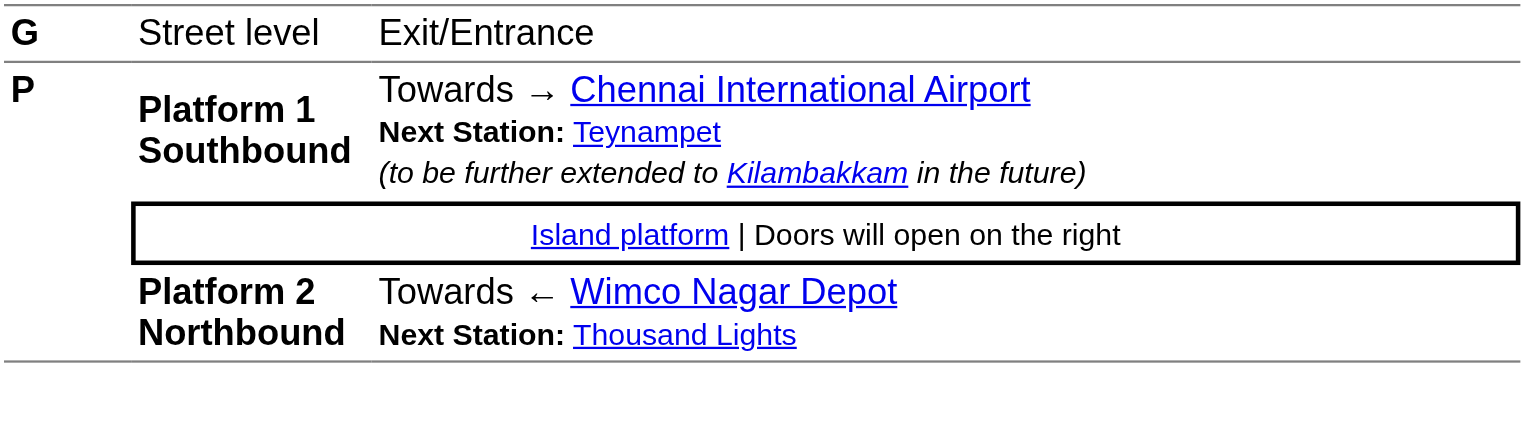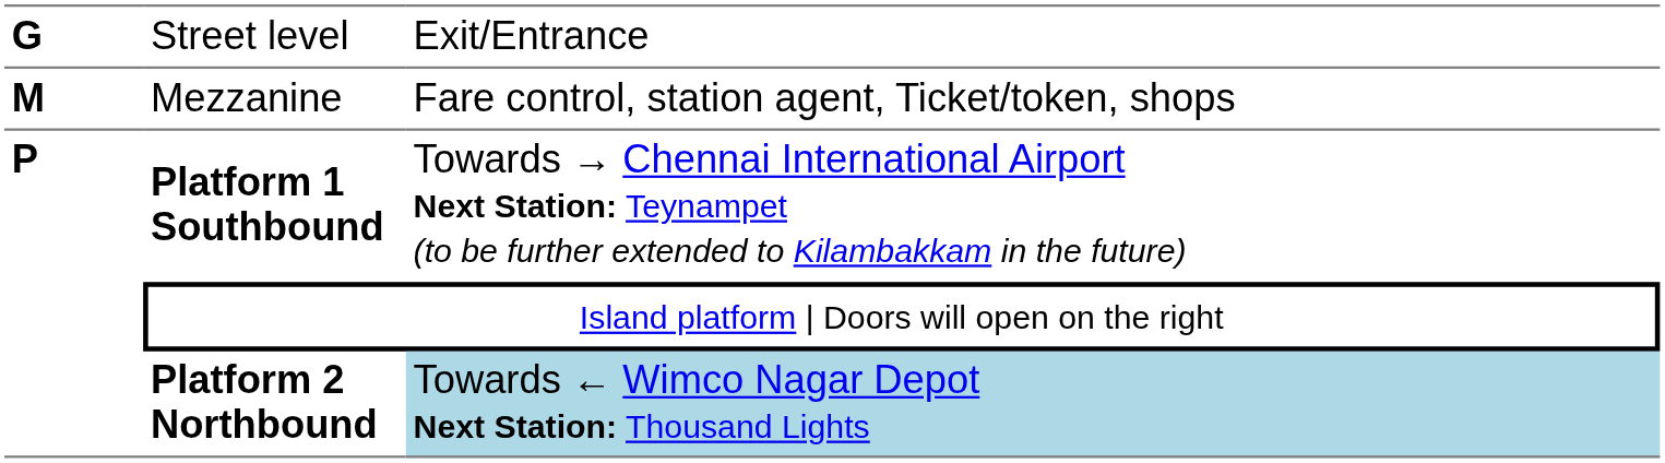 <table table border=0 cellspacing=0 cellpadding=3>
 <tr>
 <td style="border-top:solid 1px gray;border-bottom:solid 1px gray;" width=50 valign=top><strong>G</strong></td>
 <td style="border-top:solid 1px gray;border-bottom:solid 1px gray;" width=100 valign=top>Street level</td>
 <td style="border-top:solid 1px gray;border-bottom:solid 1px gray;" width=390 valign=top>Exit/Entrance</td>
+</tr>
+<tr>
+<td style="border-bottom:solid 1px gray;"><strong>M</strong></td>
+<td style="border-bottom:solid 1px gray;">Mezzanine</td>
+<td style="border-bottom:solid 1px gray;">Fare control, station agent, Ticket/token, shops</td>
 </tr>
 <tr>
 <td style="border-bottom:solid 1px gray;" width=50 rowspan=3 valign=top><strong>P</strong></td>
 <td style="border-bottom:solid 1px white;" width=100><span><strong>Platform 1</strong><br><strong>Southbound</strong></span></td>
 <td style="border-bottom:solid 1px white;" width=500>Towards → <a href='#'>Chennai International Airport</a><br><small><strong>Next Station:</strong> <a href='#'>Teynampet</a><br><em>(to be further extended to <a href='#'>Kilambakkam</a> in the future)</em></small></td>
 </tr>
 <tr>
 <td style="border-top:solid 2px black;border-right:solid 2px black;border-left:solid 2px black;border-bottom:solid 2px black;text-align:center;" colspan=2><small><a href='#'>Island platform</a> | Doors will open on the right </small></td>
 </tr>
 <tr>
 <td style="border-bottom:solid 1px gray;" width=100><span><strong>Platform 2</strong><br><strong>Northbound</strong></span></td>
-<td style="border-bottom:solid 1px gray;" width="500">Towards ← <a href='#'>Wimco Nagar Depot</a><br><small><strong>Next Station:</strong> <a href='#'>Thousand Lights</a></small></td>
+<td style="background: lightblue; border-bottom:solid 1px gray;" width="500">Towards ← <a href='#'>Wimco Nagar Depot</a><br><small><strong>Next Station:</strong> <a href='#'>Thousand Lights</a></small></td>
 </tr>
 </table>
